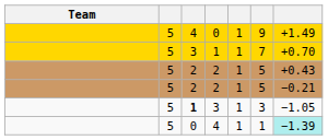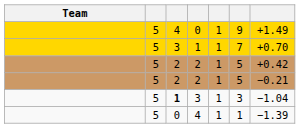 <table class="wikitable" style="text-align:center; float:left; margin-right:1em">
 <tr>
 <th width="170">Team</th>
 <th width="20"></th>
 <th width="20"></th>
 <th width="20"></th>
 <th width="20"></th>
 <th width="20"></th>
 <th width="50"><a href='#'></a></th>
 </tr>
 <tr bgcolor="gold">
 <td align=left></td>
 <td>5</td>
 <td>4</td>
 <td>0</td>
 <td>1</td>
 <td>9</td>
 <td>+1.49</td>
 </tr>
 <tr bgcolor="gold">
 <td align=left></td>
 <td>5</td>
 <td>3</td>
 <td>1</td>
 <td>1</td>
 <td>7</td>
 <td>+0.70</td>
 </tr>
 <tr bgcolor="cc9966">
 <td align=left></td>
 <td>5</td>
 <td>2</td>
 <td>2</td>
 <td>1</td>
 <td>5</td>
-<td>+0.43</td>
+<td>+0.42</td>
 </tr>
 <tr bgcolor="cc9966">
 <td align=left></td>
 <td>5</td>
 <td>2</td>
 <td>2</td>
 <td>1</td>
 <td>5</td>
 <td>−0.21</td>
 </tr>
 <tr>
 <td align=left></td>
 <td>5</td>
 <td><strong>1</strong></td>
 <td>3</td>
 <td>1</td>
 <td>3</td>
-<td>−1.05</td>
+<td>−1.04</td>
 </tr>
 <tr>
 <td align=left></td>
 <td>5</td>
 <td>0</td>
 <td>4</td>
 <td>1</td>
 <td>1</td>
-<td style="background: paleturquoise;">−1.39</td>
+<td>−1.39</td>
 </tr>
 </table>
